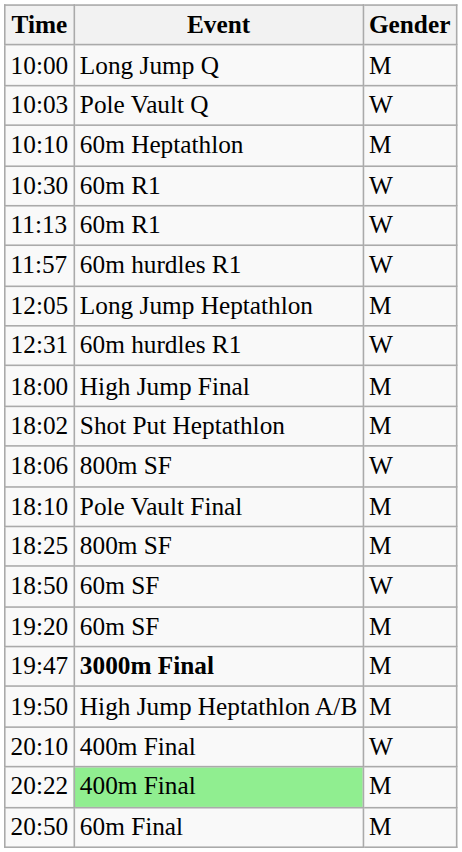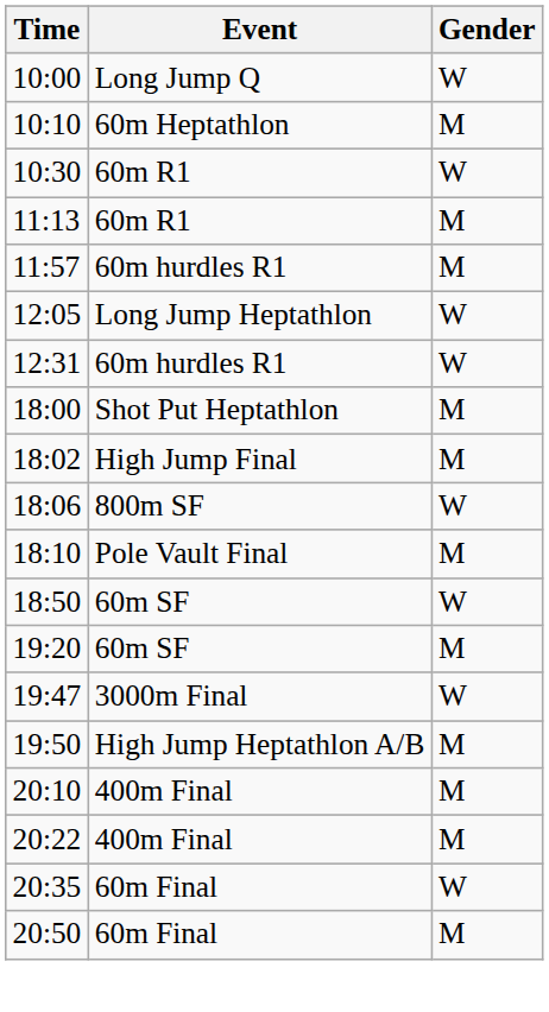 <table class="wikitable" style="display: inline-table;">
 <tr>
 <th>Time</th>
 <th>Event</th>
 <th>Gender</th>
 </tr>
 <tr>
 <td>10:00</td>
 <td>Long Jump Q</td>
-<td>M</td>
-</tr>
-<tr>
-<td>10:03</td>
-<td>Pole Vault Q</td>
 <td>W</td>
 </tr>
 <tr>
 <td>10:10</td>
 <td>60m Heptathlon</td>
 <td>M</td>
 </tr>
 <tr>
 <td>10:30</td>
 <td>60m R1</td>
 <td>W</td>
 </tr>
 <tr>
 <td>11:13</td>
 <td>60m R1</td>
-<td>W</td>
+<td>M</td>
 </tr>
 <tr>
 <td>11:57</td>
 <td>60m hurdles R1</td>
-<td>W</td>
+<td>M</td>
 </tr>
 <tr>
 <td>12:05</td>
 <td>Long Jump Heptathlon</td>
-<td>M</td>
+<td>W</td>
 </tr>
 <tr>
 <td>12:31</td>
 <td>60m hurdles R1</td>
 <td>W</td>
 </tr>
 <tr>
 <td>18:00</td>
-<td>High Jump Final</td>
+<td>Shot Put Heptathlon</td>
 <td>M</td>
 </tr>
 <tr>
 <td>18:02</td>
-<td>Shot Put Heptathlon</td>
+<td>High Jump Final</td>
 <td>M</td>
 </tr>
 <tr>
 <td>18:06</td>
 <td>800m SF</td>
 <td>W</td>
 </tr>
 <tr>
 <td>18:10</td>
 <td>Pole Vault Final</td>
-<td>M</td>
-</tr>
-<tr>
-<td>18:25</td>
-<td>800m SF</td>
 <td>M</td>
 </tr>
 <tr>
 <td>18:50</td>
 <td>60m SF</td>
 <td>W</td>
 </tr>
 <tr>
 <td>19:20</td>
 <td>60m SF</td>
 <td>M</td>
 </tr>
 <tr>
 <td>19:47</td>
-<td><strong>3000m Final</strong></td>
-<td>M</td>
+<td>3000m Final</td>
+<td>W</td>
 </tr>
 <tr>
 <td>19:50</td>
 <td>High Jump Heptathlon A/B</td>
 <td>M</td>
 </tr>
 <tr>
 <td>20:10</td>
 <td>400m Final</td>
-<td>W</td>
+<td>M</td>
 </tr>
 <tr>
 <td>20:22</td>
-<td style="background: lightgreen;">400m Final</td>
+<td>400m Final</td>
 <td>M</td>
+</tr>
+<tr>
+<td>20:35</td>
+<td>60m Final</td>
+<td>W</td>
 </tr>
 <tr>
 <td>20:50</td>
 <td>60m Final</td>
 <td>M</td>
 </tr>
 </table>
